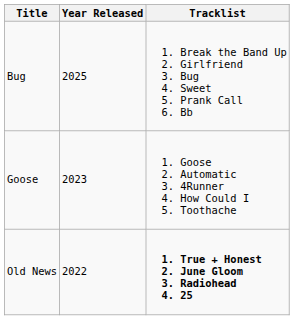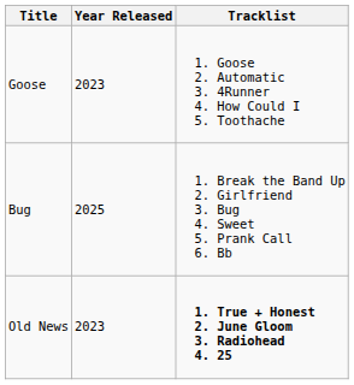 <table class="wikitable">
 <tr>
 <th>Title</th>
 <th>Year Released</th>
 <th>Tracklist</th>
 </tr>
 <tr>
+<td>Goose</td>
+<td>2023</td>
+<td><br><ol><li>Goose</li><li>Automatic</li><li>4Runner</li><li>How Could I</li><li>Toothache</li></ol></td>
+</tr>
+<tr>
 <td>Bug</td>
 <td>2025</td>
 <td><br><ol><li>Break the Band Up</li><li>Girlfriend</li><li>Bug</li><li>Sweet</li><li>Prank Call</li><li>Bb</li></ol></td>
 </tr>
 <tr>
-<td>Goose</td>
+<td>Old News</td>
 <td>2023</td>
-<td><br><ol><li>Goose</li><li>Automatic</li><li>4Runner</li><li>How Could I</li><li>Toothache</li></ol></td>
-</tr>
-<tr>
-<td>Old News</td>
-<td>2022</td>
 <td><strong><br><ol><li>True + Honest</li><li>June Gloom</li><li>Radiohead</li><li>25</li></ol></strong></td>
 </tr>
 </table>
